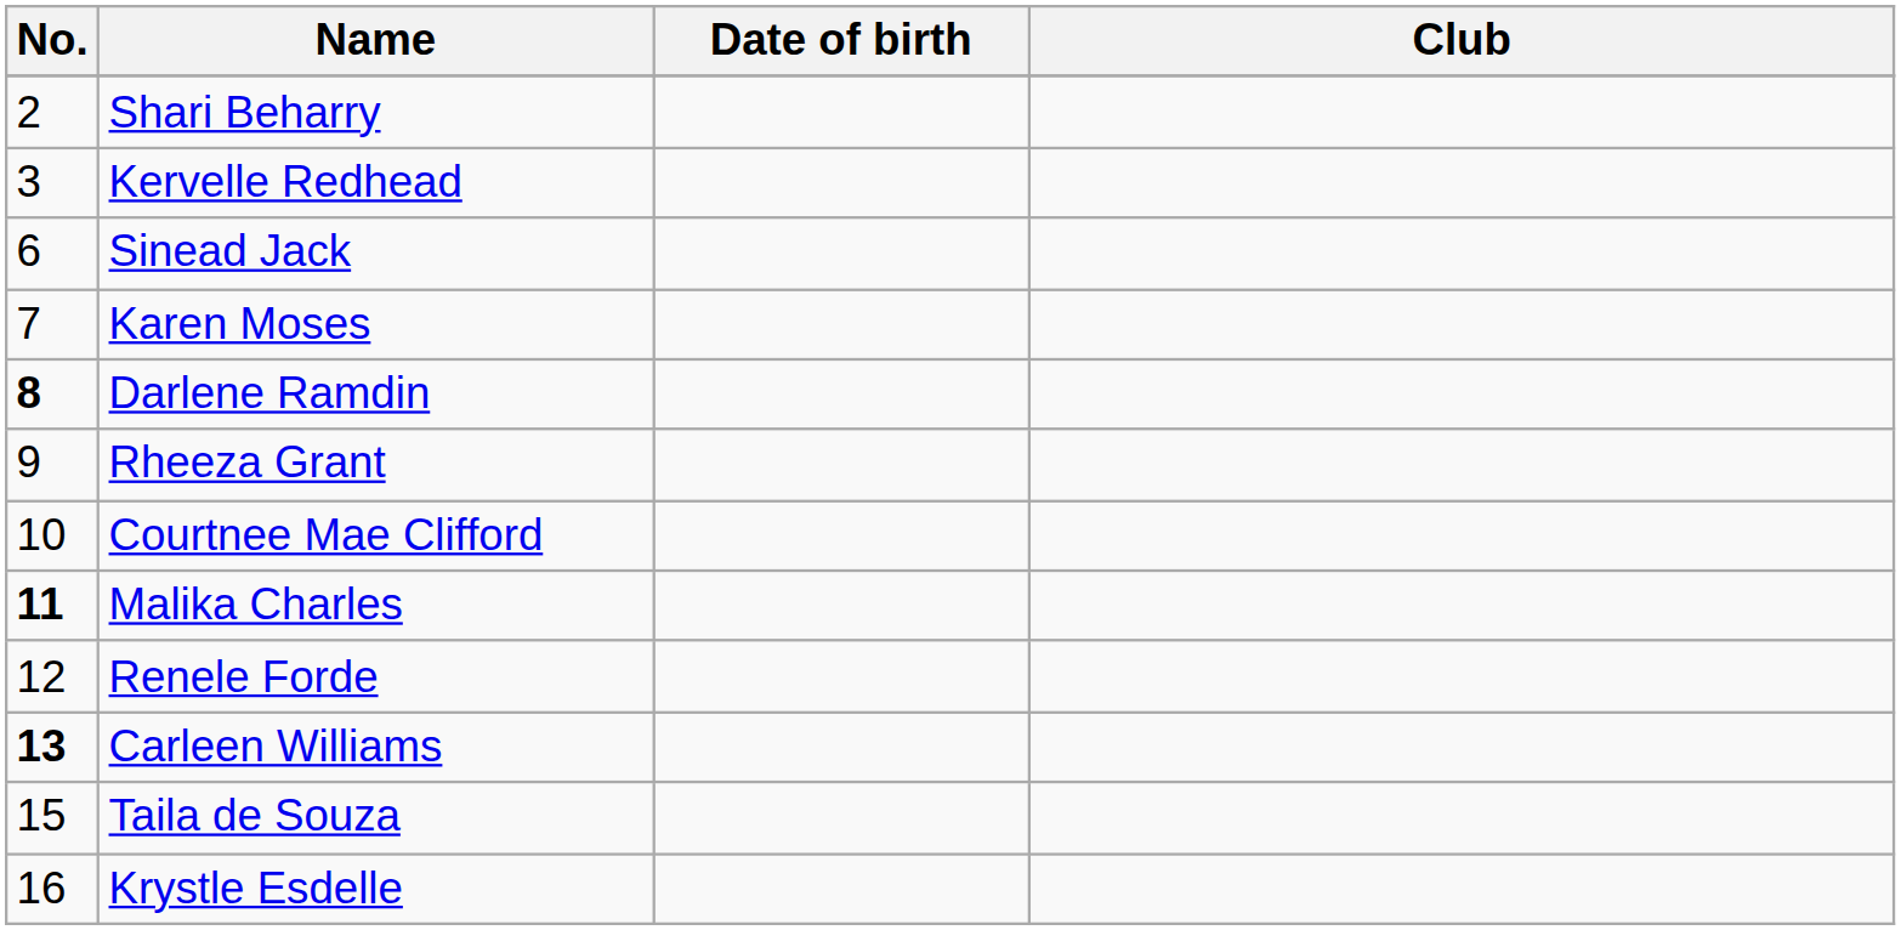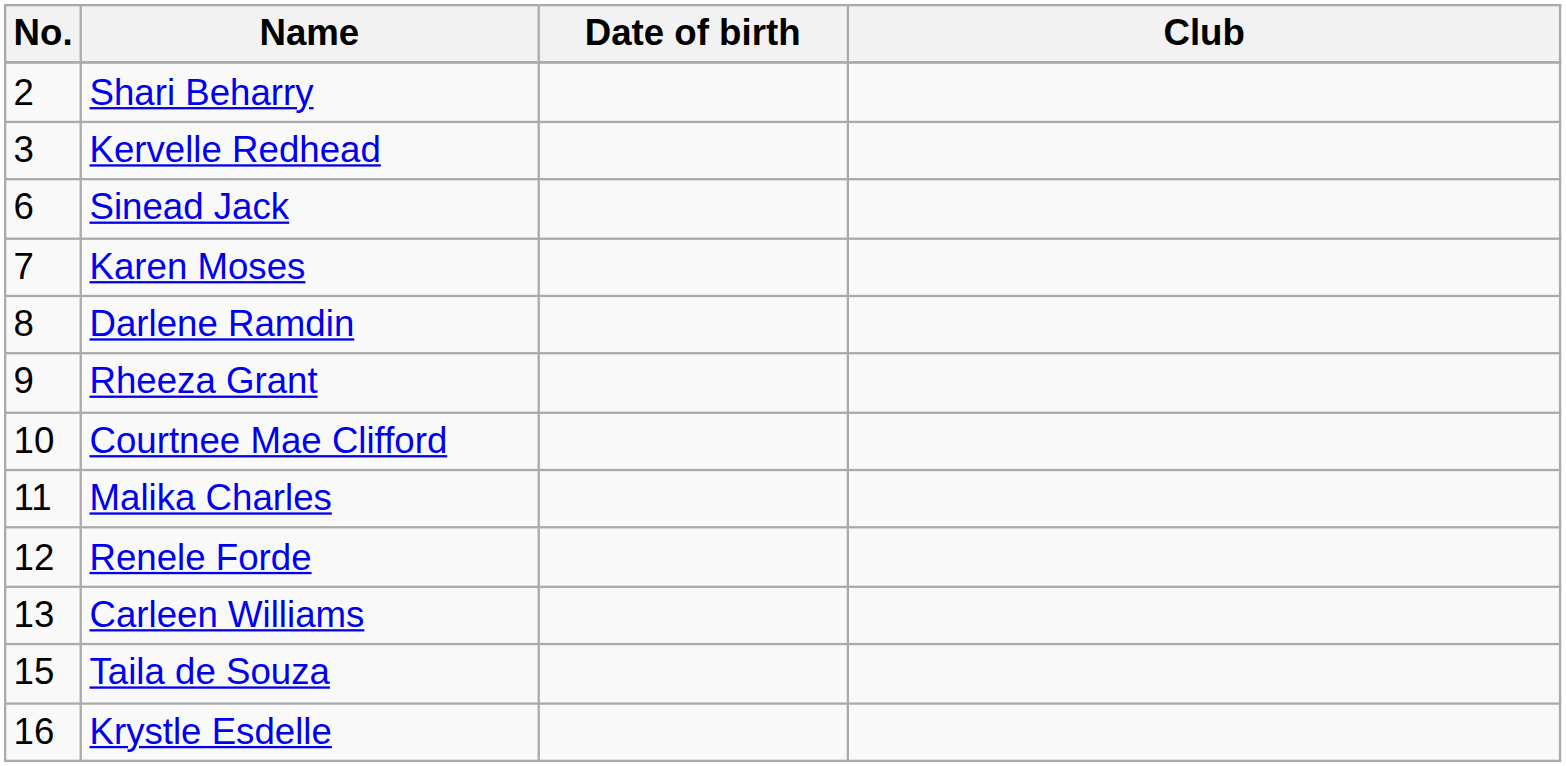 <table class=wikitable sortable style=font-size:100%; text-align:center;>
 <tr>
 <th>No.</th>
 <th style=width:12em>Name</th>
 <th style=width:8em>Date of birth</th>
 <th style=width:19em>Club</th>
 </tr>
 <tr>
 </tr>
 <tr ||>
 </tr>
 <tr>
 <td>2</td>
 <td><a href='#'>Shari Beharry</a></td>
 <td></td>
 <td></td>
 </tr>
 <tr>
 <td>3</td>
 <td><a href='#'>Kervelle Redhead</a></td>
 <td></td>
 <td></td>
 </tr>
 <tr>
 <td>6</td>
 <td><a href='#'>Sinead Jack</a></td>
 <td></td>
 <td></td>
 </tr>
 <tr>
 <td>7</td>
 <td><a href='#'>Karen Moses</a></td>
 <td></td>
 <td></td>
 </tr>
 <tr>
-<td><strong>8</strong></td>
+<td>8</td>
 <td><a href='#'>Darlene Ramdin</a></td>
 <td></td>
 <td></td>
 </tr>
 <tr>
 <td>9</td>
 <td><a href='#'>Rheeza Grant</a></td>
 <td></td>
 <td></td>
 </tr>
 <tr>
 <td>10</td>
 <td><a href='#'>Courtnee Mae Clifford</a></td>
 <td></td>
 <td></td>
 </tr>
 <tr>
-<td><strong>11</strong></td>
+<td>11</td>
 <td><a href='#'>Malika Charles</a></td>
 <td></td>
 <td></td>
 </tr>
 <tr>
 <td>12</td>
 <td><a href='#'>Renele Forde</a></td>
 <td></td>
 <td></td>
 </tr>
 <tr>
-<td><strong>13</strong></td>
+<td>13</td>
 <td><a href='#'>Carleen Williams</a></td>
 <td></td>
 <td></td>
 </tr>
 <tr>
 <td>15</td>
 <td><a href='#'>Taila de Souza</a></td>
 <td></td>
 <td></td>
 </tr>
 <tr>
 <td>16</td>
 <td><a href='#'>Krystle Esdelle</a></td>
 <td></td>
 <td></td>
 </tr>
 </table>
